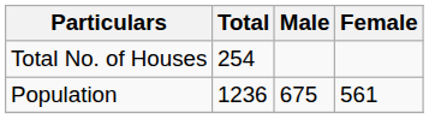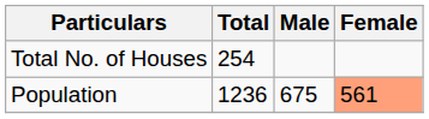 <table class="wikitable sortable">
 <tr>
 <th>Particulars</th>
 <th>Total</th>
 <th>Male</th>
 <th>Female</th>
 </tr>
 <tr>
 <td>Total No. of Houses</td>
 <td>254</td>
 <td></td>
 <td></td>
 </tr>
 <tr>
 <td>Population</td>
 <td>1236</td>
 <td>675</td>
-<td>561</td>
+<td style="background: lightsalmon;">561</td>
 </tr>
 <tr>
 </tr>
 </table>
